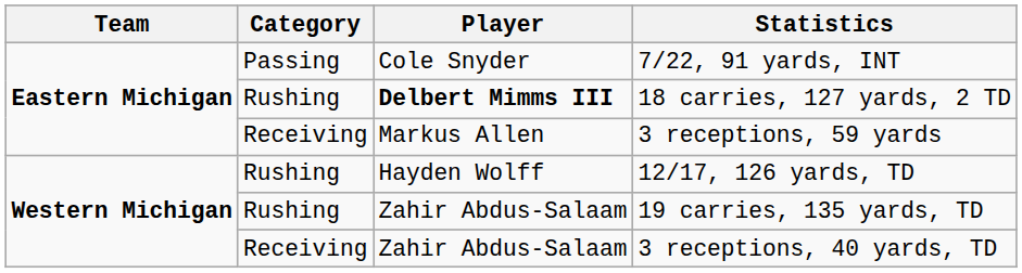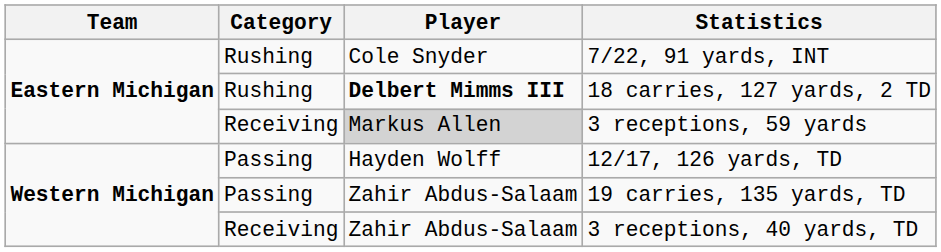 <table class="wikitable" style="float: right;">
 <tr>
 <th>Team</th>
 <th>Category</th>
 <th>Player</th>
 <th>Statistics</th>
 </tr>
 <tr>
 <td rowspan=3><strong>Eastern Michigan</strong></td>
-<td>Passing</td>
+<td>Rushing</td>
 <td>Cole Snyder</td>
 <td>7/22, 91 yards, INT</td>
 </tr>
 <tr>
 <td>Rushing</td>
 <td><strong>Delbert Mimms III</strong></td>
 <td>18 carries, 127 yards, 2 TD</td>
 </tr>
 <tr>
 <td>Receiving</td>
-<td>Markus Allen</td>
+<td style="background: lightgrey;">Markus Allen</td>
 <td>3 receptions, 59 yards</td>
 </tr>
 <tr>
 <td rowspan=3><strong>Western Michigan</strong></td>
-<td>Rushing</td>
+<td>Passing</td>
 <td>Hayden Wolff</td>
 <td>12/17, 126 yards, TD</td>
 </tr>
 <tr>
-<td>Rushing</td>
+<td>Passing</td>
 <td>Zahir Abdus-Salaam</td>
 <td>19 carries, 135 yards, TD</td>
 </tr>
 <tr>
 <td>Receiving</td>
 <td>Zahir Abdus-Salaam</td>
 <td>3 receptions, 40 yards, TD</td>
 </tr>
 </table>
